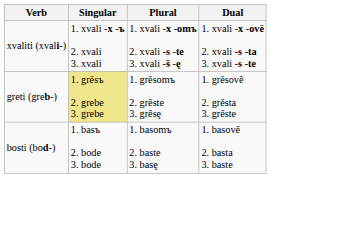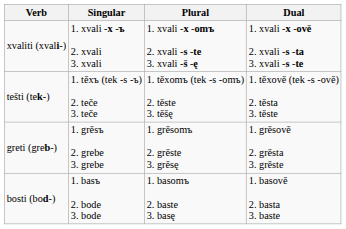 <table class="wikitable">
 <tr>
 <th>Verb</th>
 <th>Singular</th>
 <th>Plural</th>
 <th>Dual</th>
 </tr>
 <tr>
 <td>xvaliti (xval<strong>i</strong>-)</td>
 <td>1. xvali -<strong>x</strong> -<strong>ъ</strong><br><br>2. xvali<br> 3. xvali</td>
 <td>1. xvali -<strong>x</strong> -<strong>omъ</strong><br><br>2. xvali -<strong>s</strong> -<strong>te</strong><br> 3. xvali -<strong>š</strong> -<strong>ę</strong></td>
 <td>1. xvali -<strong>x</strong> -<strong>ově</strong><br><br>2. xvali -<strong>s</strong> -<strong>ta</strong><br> 3. xvali -<strong>s</strong> -<strong>te</strong></td>
 </tr>
 <tr>
+<td>tešti (te<strong>k</strong>-)</td>
+<td>1. těxъ (tek -s -ъ)<br><br>2. teče<br> 3. teče</td>
+<td>1. těxomъ (tek -s -omъ)<br><br>2. těste<br> 3. těšę</td>
+<td>1. těxově (tek -s -ově)<br><br>2. těsta<br> 3. těste</td>
+</tr>
+<tr>
 <td>greti (gre<strong>b</strong>-)</td>
-<td style="background: khaki;">1. grěsъ<br><br>2. grebe<br> 3. grebe</td>
+<td>1. grěsъ<br><br>2. grebe<br> 3. grebe</td>
 <td>1. grěsomъ<br><br>2. grěste<br> 3. grěsę</td>
 <td>1. grěsově<br><br>2. grěsta<br> 3. grěste</td>
 </tr>
 <tr>
 <td>bosti (bo<strong>d</strong>-)</td>
 <td>1. basъ<br><br>2. bode<br> 3. bode</td>
 <td>1. basomъ<br><br>2. baste<br> 3. basę</td>
 <td>1. basově<br><br>2. basta<br> 3. baste</td>
 </tr>
 </table>
